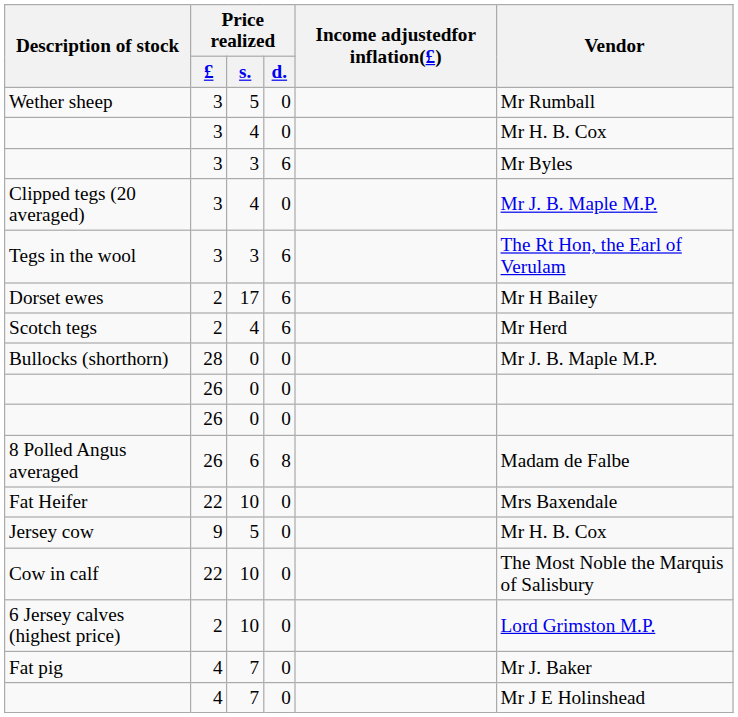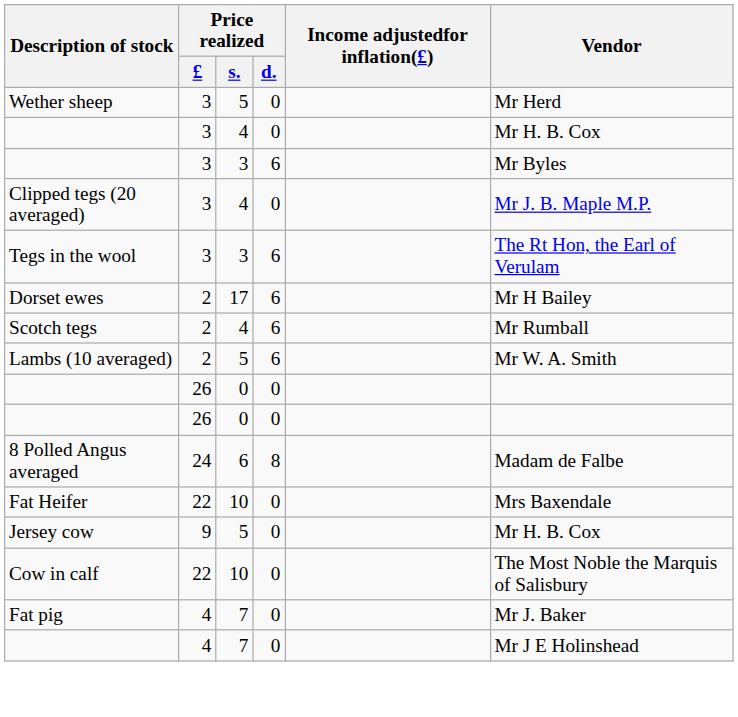 <table class="wikitable mw-collapsible mw-collapsed">
 <tr>
 <th rowspan="2"><strong>Description of stock</strong></th>
 <th colspan="3"><strong>Price realized</strong></th>
 <th rowspan="2">Income adjustedfor inflation(<a href='#'>£</a>)</th>
 <th rowspan="2"><strong>Vendor</strong></th>
 </tr>
 <tr>
 <th><strong><a href='#'>£</a></strong></th>
 <th><strong><a href='#'>s.</a></strong></th>
 <th><strong><a href='#'>d.</a></strong></th>
 </tr>
 <tr>
 <td>Wether sheep</td>
 <td style="text-align:right;">3</td>
 <td style="text-align:right;">5</td>
 <td style="text-align:right;">0</td>
 <td style="text-align:right;"></td>
-<td>Mr Rumball</td>
+<td>Mr Herd</td>
 </tr>
 <tr>
 <td></td>
 <td style="text-align:right;">3</td>
 <td style="text-align:right;">4</td>
 <td style="text-align:right;">0</td>
 <td style="text-align:right;"></td>
 <td>Mr H. B. Cox</td>
 </tr>
 <tr>
 <td></td>
 <td style="text-align:right;">3</td>
 <td style="text-align:right;">3</td>
 <td style="text-align:right;">6</td>
 <td style="text-align:right;"></td>
 <td>Mr Byles</td>
 </tr>
 <tr>
 <td>Clipped tegs (20 averaged)</td>
 <td style="text-align:right;">3</td>
 <td style="text-align:right;">4</td>
 <td style="text-align:right;">0</td>
 <td style="text-align:right;"></td>
 <td><a href='#'>Mr J. B. Maple M.P.</a></td>
 </tr>
 <tr>
 <td>Tegs in the wool</td>
 <td style="text-align:right;">3</td>
 <td style="text-align:right;">3</td>
 <td style="text-align:right;">6</td>
 <td style="text-align:right;"></td>
 <td><a href='#'>The Rt Hon, the Earl of Verulam</a></td>
 </tr>
 <tr>
 <td>Dorset ewes</td>
 <td style="text-align:right;">2</td>
 <td style="text-align:right;">17</td>
 <td style="text-align:right;">6</td>
 <td style="text-align:right;"></td>
 <td>Mr H Bailey</td>
 </tr>
 <tr>
 <td>Scotch tegs</td>
 <td style="text-align:right;">2</td>
 <td style="text-align:right;">4</td>
 <td style="text-align:right;">6</td>
 <td style="text-align:right;"></td>
-<td>Mr Herd</td>
+<td>Mr Rumball</td>
 </tr>
 <tr>
-<td>Bullocks (shorthorn)</td>
-<td style="text-align:right;">28</td>
-<td style="text-align:right;">0</td>
-<td style="text-align:right;">0</td>
+<td>Lambs (10 averaged)</td>
+<td style="text-align:right;">2</td>
+<td style="text-align:right;">5</td>
+<td style="text-align:right;">6</td>
 <td style="text-align:right;"></td>
-<td>Mr J. B. Maple M.P.</td>
+<td>Mr W. A. Smith</td>
 </tr>
 <tr>
 <td></td>
 <td style="text-align:right;">26</td>
 <td style="text-align:right;">0</td>
 <td style="text-align:right;">0</td>
 <td style="text-align:right;"></td>
 <td></td>
 </tr>
 <tr>
 <td></td>
 <td style="text-align:right;">26</td>
 <td style="text-align:right;">0</td>
 <td style="text-align:right;">0</td>
 <td style="text-align:right;"></td>
 <td></td>
 </tr>
 <tr>
 <td>8 Polled Angus averaged</td>
-<td style="text-align:right;">26</td>
+<td style="text-align:right;">24</td>
 <td style="text-align:right;">6</td>
 <td style="text-align:right;">8</td>
 <td style="text-align:right;"></td>
 <td>Madam de Falbe</td>
 </tr>
 <tr>
 <td>Fat Heifer</td>
 <td style="text-align:right;">22</td>
 <td style="text-align:right;">10</td>
 <td style="text-align:right;">0</td>
 <td style="text-align:right;"></td>
 <td>Mrs Baxendale</td>
 </tr>
 <tr>
 <td>Jersey cow</td>
 <td style="text-align:right;">9</td>
 <td style="text-align:right;">5</td>
 <td style="text-align:right;">0</td>
 <td style="text-align:right;"></td>
 <td>Mr H. B. Cox</td>
 </tr>
 <tr>
 <td>Cow in calf</td>
 <td style="text-align:right;">22</td>
 <td style="text-align:right;">10</td>
 <td style="text-align:right;">0</td>
 <td style="text-align:right;"></td>
 <td>The Most Noble the Marquis of Salisbury</td>
 </tr>
 <tr>
-<td>6 Jersey calves (highest price)</td>
-<td style="text-align:right;">2</td>
-<td style="text-align:right;">10</td>
-<td style="text-align:right;">0</td>
-<td style="text-align:right;"></td>
-<td><a href='#'>Lord Grimston M.P.</a></td>
-</tr>
-<tr>
 <td>Fat pig</td>
 <td style="text-align:right;">4</td>
 <td style="text-align:right;">7</td>
 <td style="text-align:right;">0</td>
 <td style="text-align:right;"></td>
 <td>Mr J. Baker</td>
 </tr>
 <tr>
 <td></td>
 <td style="text-align:right;">4</td>
 <td style="text-align:right;">7</td>
 <td style="text-align:right;">0</td>
 <td style="text-align:right;"></td>
 <td>Mr J E Holinshead</td>
 </tr>
 </table>
